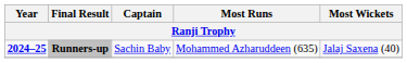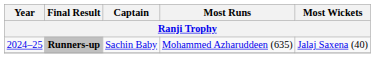 <table class="wikitable">
 <tr>
 <th>Year</th>
 <th>Final Result</th>
 <th>Captain</th>
 <th>Most Runs</th>
 <th>Most Wickets</th>
 </tr>
 <tr>
 <th colspan="5"><a href='#'>Ranji Trophy</a></th>
 </tr>
 <tr>
-<td><strong><a href='#'>2024–25</a></strong></td>
+<td><a href='#'>2024–25</a></td>
 <td bgcolor="silver" align="center"><strong>Runners-up</strong></td>
 <td><a href='#'>Sachin Baby</a></td>
 <td><a href='#'>Mohammed Azharuddeen</a> (635)</td>
 <td><a href='#'>Jalaj Saxena</a> (40)</td>
 </tr>
 <tr>
 </tr>
 </table>
